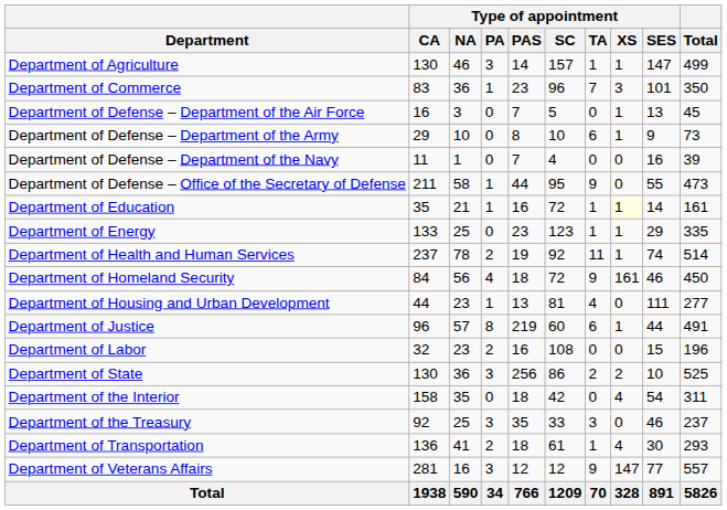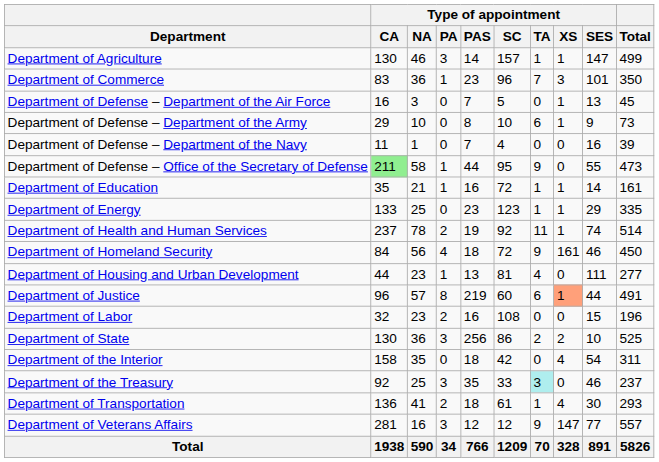 <table class="wikitable sortable">
 <tr>
 <th></th>
 <th colspan="8">Type of appointment</th>
 <th></th>
 </tr>
 <tr>
 <th>Department</th>
 <th>CA</th>
 <th>NA</th>
 <th>PA</th>
 <th>PAS</th>
 <th>SC</th>
 <th>TA</th>
 <th>XS</th>
 <th>SES</th>
 <th>Total</th>
 </tr>
 <tr>
 <td><a href='#'>Department of Agriculture</a></td>
 <td>130</td>
 <td>46</td>
 <td>3</td>
 <td>14</td>
 <td>157</td>
 <td>1</td>
 <td>1</td>
 <td>147</td>
 <td>499</td>
 </tr>
 <tr>
 <td><a href='#'>Department of Commerce</a></td>
 <td>83</td>
 <td>36</td>
 <td>1</td>
 <td>23</td>
 <td>96</td>
 <td>7</td>
 <td>3</td>
 <td>101</td>
 <td>350</td>
 </tr>
 <tr>
 <td><a href='#'>Department of Defense</a> – <a href='#'>Department of the Air Force</a></td>
 <td>16</td>
 <td>3</td>
 <td>0</td>
 <td>7</td>
 <td>5</td>
 <td>0</td>
 <td>1</td>
 <td>13</td>
 <td>45</td>
 </tr>
 <tr>
 <td>Department of Defense – <a href='#'>Department of the Army</a></td>
 <td>29</td>
 <td>10</td>
 <td>0</td>
 <td>8</td>
 <td>10</td>
 <td>6</td>
 <td>1</td>
 <td>9</td>
 <td>73</td>
 </tr>
 <tr>
 <td>Department of Defense – <a href='#'>Department of the Navy</a></td>
 <td>11</td>
 <td>1</td>
 <td>0</td>
 <td>7</td>
 <td>4</td>
 <td>0</td>
 <td>0</td>
 <td>16</td>
 <td>39</td>
 </tr>
 <tr>
 <td>Department of Defense – <a href='#'>Office of the Secretary of Defense</a></td>
-<td>211</td>
+<td style="background: lightgreen;">211</td>
 <td>58</td>
 <td>1</td>
 <td>44</td>
 <td>95</td>
 <td>9</td>
 <td>0</td>
 <td>55</td>
 <td>473</td>
 </tr>
 <tr>
 <td><a href='#'>Department of Education</a></td>
 <td>35</td>
 <td>21</td>
 <td>1</td>
 <td>16</td>
 <td>72</td>
 <td>1</td>
-<td style="background: lightyellow;">1</td>
+<td>1</td>
 <td>14</td>
 <td>161</td>
 </tr>
 <tr>
 <td><a href='#'>Department of Energy</a></td>
 <td>133</td>
 <td>25</td>
 <td>0</td>
 <td>23</td>
 <td>123</td>
 <td>1</td>
 <td>1</td>
 <td>29</td>
 <td>335</td>
 </tr>
 <tr>
 <td><a href='#'>Department of Health and Human Services</a></td>
 <td>237</td>
 <td>78</td>
 <td>2</td>
 <td>19</td>
 <td>92</td>
 <td>11</td>
 <td>1</td>
 <td>74</td>
 <td>514</td>
 </tr>
 <tr>
 <td><a href='#'>Department of Homeland Security</a></td>
 <td>84</td>
 <td>56</td>
 <td>4</td>
 <td>18</td>
 <td>72</td>
 <td>9</td>
 <td>161</td>
 <td>46</td>
 <td>450</td>
 </tr>
 <tr>
 <td><a href='#'>Department of Housing and Urban Development</a></td>
 <td>44</td>
 <td>23</td>
 <td>1</td>
 <td>13</td>
 <td>81</td>
 <td>4</td>
 <td>0</td>
 <td>111</td>
 <td>277</td>
 </tr>
 <tr>
 <td><a href='#'>Department of Justice</a></td>
 <td>96</td>
 <td>57</td>
 <td>8</td>
 <td>219</td>
 <td>60</td>
 <td>6</td>
-<td>1</td>
+<td style="background: lightsalmon;">1</td>
 <td>44</td>
 <td>491</td>
 </tr>
 <tr>
 <td><a href='#'>Department of Labor</a></td>
 <td>32</td>
 <td>23</td>
 <td>2</td>
 <td>16</td>
 <td>108</td>
 <td>0</td>
 <td>0</td>
 <td>15</td>
 <td>196</td>
 </tr>
 <tr>
 <td><a href='#'>Department of State</a></td>
 <td>130</td>
 <td>36</td>
 <td>3</td>
 <td>256</td>
 <td>86</td>
 <td>2</td>
 <td>2</td>
 <td>10</td>
 <td>525</td>
 </tr>
 <tr>
 <td><a href='#'>Department of the Interior</a></td>
 <td>158</td>
 <td>35</td>
 <td>0</td>
 <td>18</td>
 <td>42</td>
 <td>0</td>
 <td>4</td>
 <td>54</td>
 <td>311</td>
 </tr>
 <tr>
 <td><a href='#'>Department of the Treasury</a></td>
 <td>92</td>
 <td>25</td>
 <td>3</td>
 <td>35</td>
 <td>33</td>
-<td>3</td>
+<td style="background: paleturquoise;">3</td>
 <td>0</td>
 <td>46</td>
 <td>237</td>
 </tr>
 <tr>
 <td><a href='#'>Department of Transportation</a></td>
 <td>136</td>
 <td>41</td>
 <td>2</td>
 <td>18</td>
 <td>61</td>
 <td>1</td>
 <td>4</td>
 <td>30</td>
 <td>293</td>
 </tr>
 <tr>
 <td><a href='#'>Department of Veterans Affairs</a></td>
 <td>281</td>
 <td>16</td>
 <td>3</td>
 <td>12</td>
 <td>12</td>
 <td>9</td>
 <td>147</td>
 <td>77</td>
 <td>557</td>
 </tr>
 <tr>
 <th>Total</th>
 <th>1938</th>
 <th>590</th>
 <th>34</th>
 <th>766</th>
 <th>1209</th>
 <th>70</th>
 <th>328</th>
 <th>891</th>
 <th>5826</th>
 </tr>
 </table>
